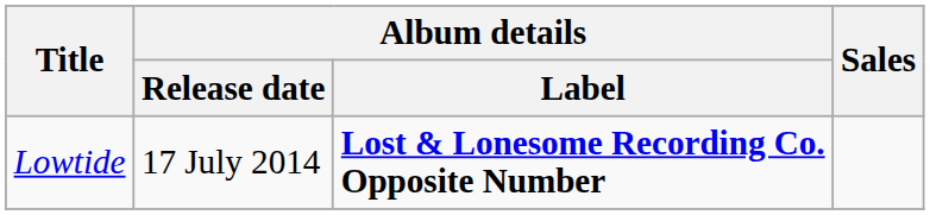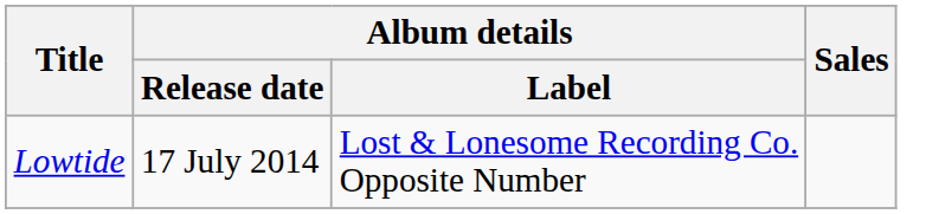 <table class="wikitable">
 <tr>
 <th rowspan="2">Title</th>
 <th colspan="2">Album details</th>
 <th rowspan="2">Sales</th>
 </tr>
 <tr>
 <th>Release date</th>
 <th>Label</th>
 </tr>
 <tr>
 <td><em><a href='#'>Lowtide</a></em></td>
 <td>17 July 2014</td>
-<td><strong><a href='#'>Lost & Lonesome Recording Co.</a><br>Opposite Number</strong></td>
+<td><a href='#'>Lost & Lonesome Recording Co.</a><br>Opposite Number</td>
 <td></td>
 </tr>
 </table>
